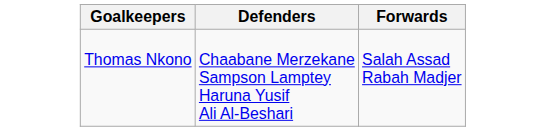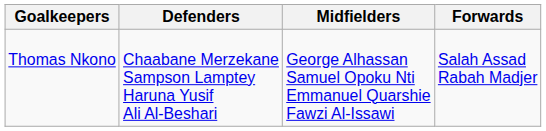 <table class="wikitable" style="margin:0 auto">
 <tr>
 <th>Goalkeepers</th>
 <th>Defenders</th>
+<th>Midfielders</th>
 <th>Forwards</th>
 </tr>
 <tr>
 <td align=left valign=top><br> <a href='#'>Thomas Nkono</a></td>
 <td align=left valign=top><br> <a href='#'>Chaabane Merzekane</a> <br>  <a href='#'>Sampson Lamptey</a> <br>  <a href='#'>Haruna Yusif</a> <br>  <a href='#'>Ali Al-Beshari</a></td>
+<td align=left valign=top><br> <a href='#'>George Alhassan</a> <br>  <a href='#'>Samuel Opoku Nti</a> <br>  <a href='#'>Emmanuel Quarshie</a> <br>  <a href='#'>Fawzi Al-Issawi</a></td>
 <td align=left valign=top><br> <a href='#'>Salah Assad</a> <br>  <a href='#'>Rabah Madjer</a></td>
 </tr>
 </table>
